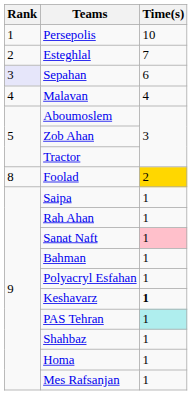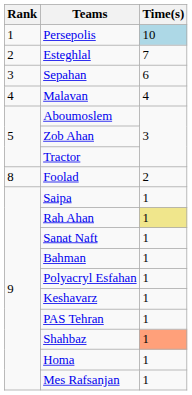 <table class="wikitable">
 <tr>
 <th>Rank</th>
 <th>Teams</th>
 <th>Time(s)</th>
 </tr>
 <tr>
 <td>1</td>
 <td><a href='#'>Persepolis</a></td>
-<td>10</td>
+<td style="background: lightblue;">10</td>
 </tr>
 <tr>
 <td>2</td>
 <td><a href='#'>Esteghlal</a></td>
 <td>7</td>
 </tr>
 <tr>
-<td style="background: lavender;">3</td>
+<td>3</td>
 <td><a href='#'>Sepahan</a></td>
 <td>6</td>
 </tr>
 <tr>
 <td>4</td>
 <td><a href='#'>Malavan</a></td>
 <td>4</td>
 </tr>
 <tr>
 <td rowspan="3">5</td>
 <td><a href='#'>Aboumoslem</a></td>
 <td rowspan="3">3</td>
 </tr>
 <tr>
 <td><a href='#'>Zob Ahan</a></td>
 </tr>
 <tr>
 <td><a href='#'>Tractor</a></td>
 </tr>
 <tr>
 <td>8</td>
 <td><a href='#'>Foolad</a></td>
-<td style="background: gold;">2</td>
+<td>2</td>
 </tr>
 <tr>
 <td rowspan="10">9</td>
 <td><a href='#'>Saipa</a></td>
 <td>1</td>
 </tr>
 <tr>
 <td><a href='#'>Rah Ahan</a></td>
-<td>1</td>
+<td style="background: khaki;">1</td>
 </tr>
 <tr>
 <td><a href='#'>Sanat Naft</a></td>
-<td style="background: pink;">1</td>
+<td>1</td>
 </tr>
 <tr>
 <td><a href='#'>Bahman</a></td>
 <td>1</td>
 </tr>
 <tr>
 <td><a href='#'>Polyacryl Esfahan</a></td>
 <td>1</td>
 </tr>
 <tr>
 <td><a href='#'>Keshavarz</a></td>
-<td><strong>1</strong></td>
+<td>1</td>
 </tr>
 <tr>
 <td><a href='#'>PAS Tehran</a></td>
-<td style="background: paleturquoise;">1</td>
+<td>1</td>
 </tr>
 <tr>
 <td><a href='#'>Shahbaz</a></td>
-<td>1</td>
+<td style="background: lightsalmon;">1</td>
 </tr>
 <tr>
 <td><a href='#'>Homa</a></td>
 <td>1</td>
 </tr>
 <tr>
 <td><a href='#'>Mes Rafsanjan</a></td>
 <td>1</td>
 </tr>
 </table>
